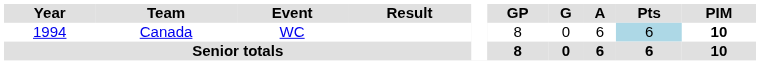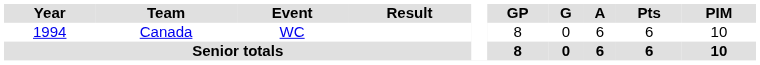 <table border="0" cellpadding="1" cellspacing="0" style="text-align:center; width:50em">
 <tr ALIGN="center" bgcolor="#e0e0e0">
 <th>Year</th>
 <th>Team</th>
 <th>Event</th>
 <th>Result</th>
 <th rowspan="99" bgcolor="#ffffff"> </th>
 <th>GP</th>
 <th>G</th>
 <th>A</th>
 <th>Pts</th>
 <th>PIM</th>
 </tr>
 <tr>
 <td><a href='#'>1994</a></td>
 <td><a href='#'>Canada</a></td>
 <td><a href='#'>WC</a></td>
 <td></td>
 <td>8</td>
 <td>0</td>
 <td>6</td>
-<td style="background: lightblue;">6</td>
-<td><strong>10</strong></td>
+<td>6</td>
+<td>10</td>
 </tr>
 <tr bgcolor="#e0e0e0">
 <th colspan="4">Senior totals</th>
 <th>8</th>
 <th>0</th>
 <th>6</th>
 <th>6</th>
 <th>10</th>
 </tr>
 </table>
